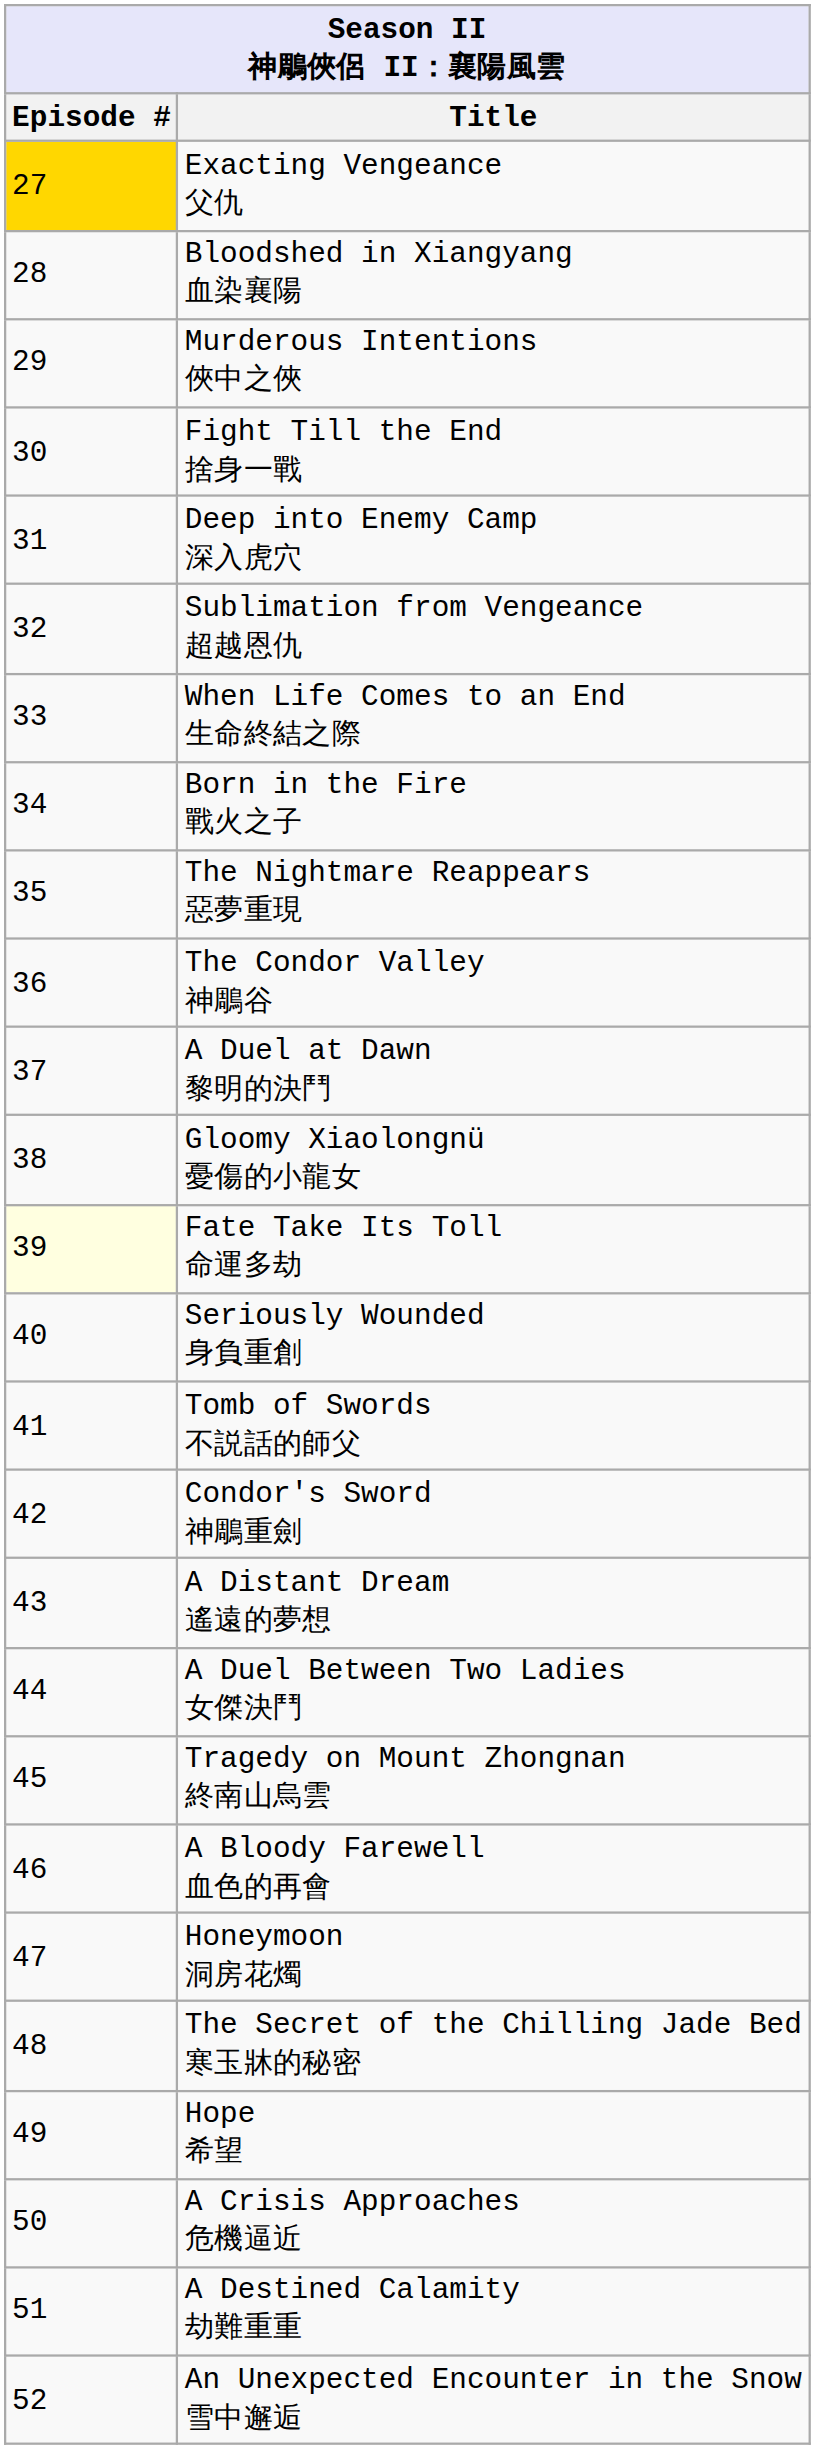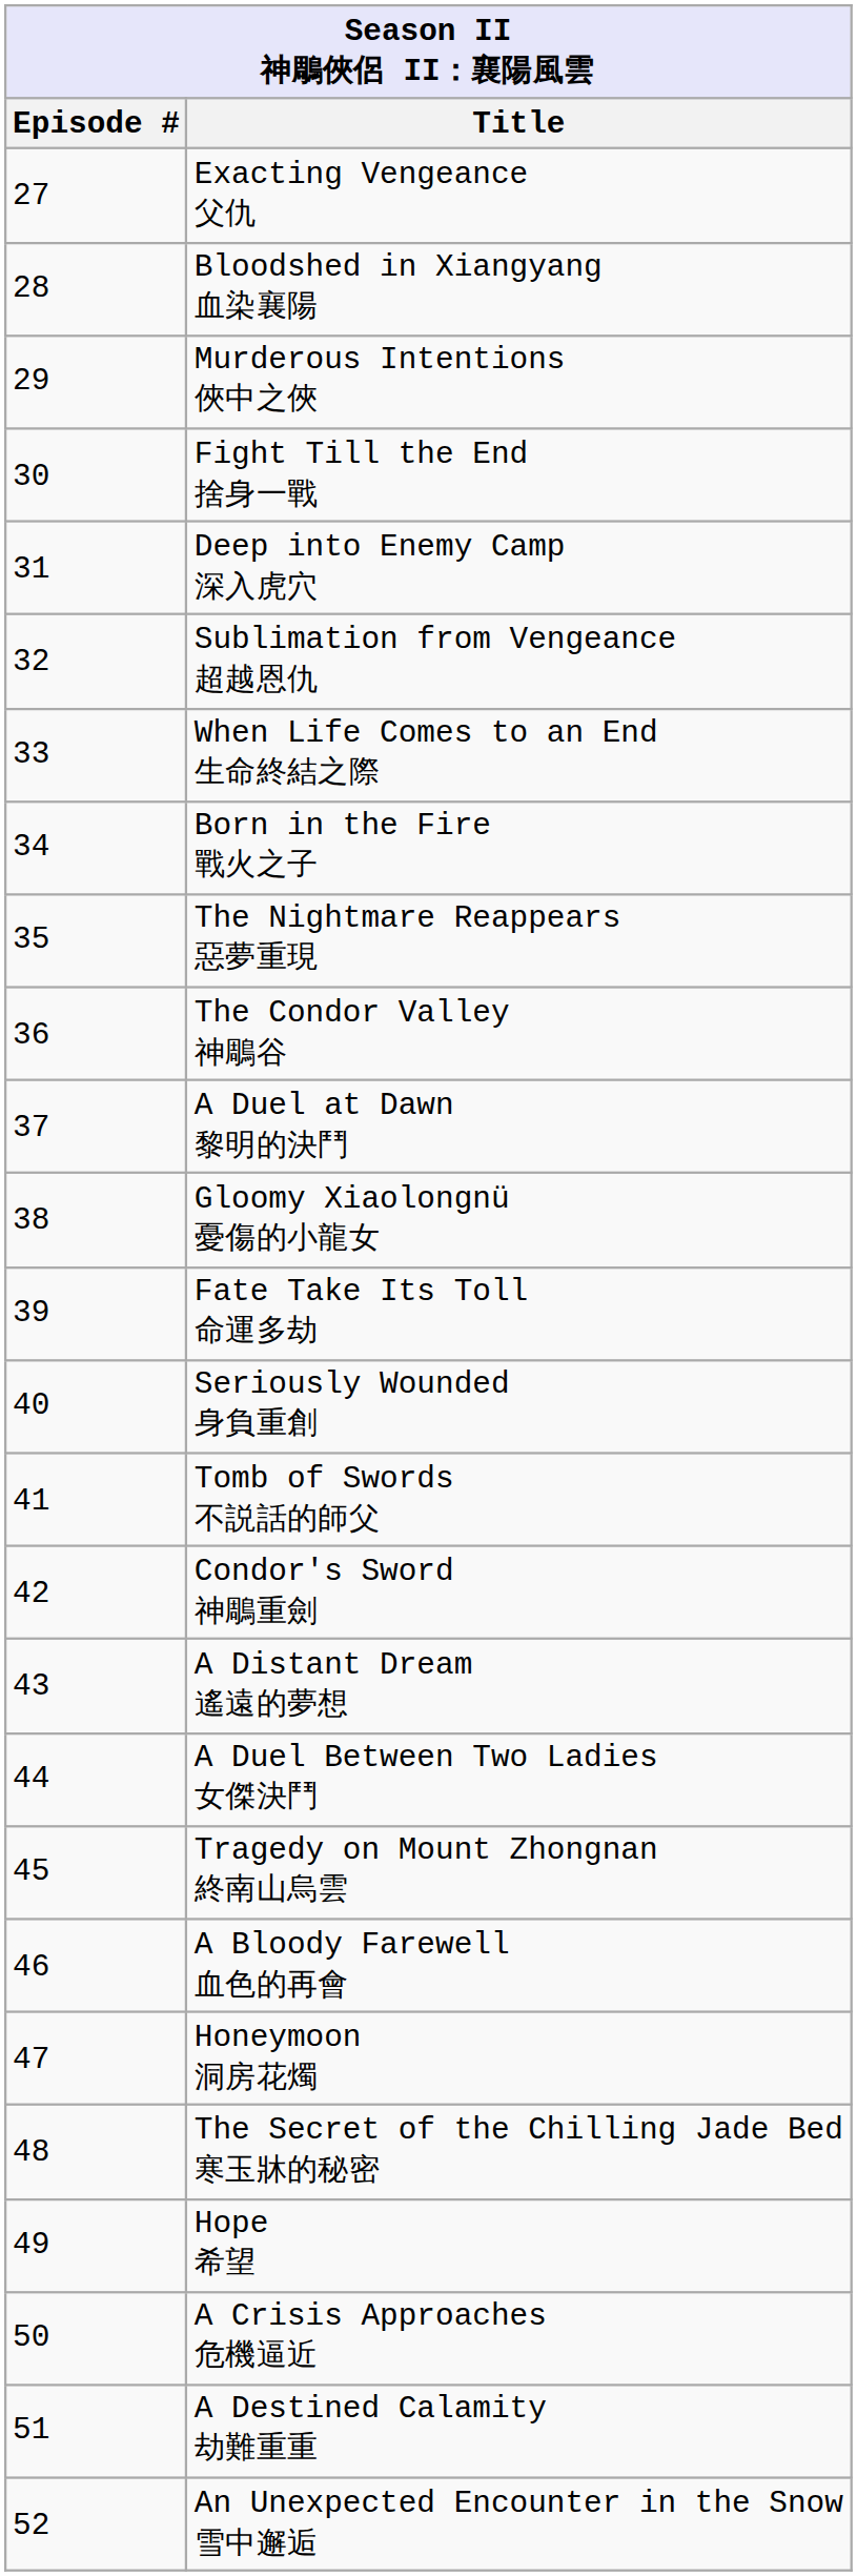 <table class="wikitable">
 <tr>
 <td colspan="2" style="background:lavender; text-align:center;"><strong>Season II<br>神鵰俠侶 II：襄陽風雲</strong></td>
 </tr>
 <tr>
 <th>Episode #</th>
 <th>Title</th>
 </tr>
 <tr>
-<td style="background: gold;">27</td>
+<td>27</td>
 <td>Exacting Vengeance<br>父仇</td>
 </tr>
 <tr>
 <td>28</td>
 <td>Bloodshed in Xiangyang<br>血染襄陽</td>
 </tr>
 <tr>
 <td>29</td>
 <td>Murderous Intentions<br>俠中之俠</td>
 </tr>
 <tr>
 <td>30</td>
 <td>Fight Till the End<br>捨身一戰</td>
 </tr>
 <tr>
 <td>31</td>
 <td>Deep into Enemy Camp<br>深入虎穴</td>
 </tr>
 <tr>
 <td>32</td>
 <td>Sublimation from Vengeance<br>超越恩仇</td>
 </tr>
 <tr>
 <td>33</td>
 <td>When Life Comes to an End<br>生命終結之際</td>
 </tr>
 <tr>
 <td>34</td>
 <td>Born in the Fire<br>戰火之子</td>
 </tr>
 <tr>
 <td>35</td>
 <td>The Nightmare Reappears<br>惡夢重現</td>
 </tr>
 <tr>
 <td>36</td>
 <td>The Condor Valley<br>神鵰谷</td>
 </tr>
 <tr>
 <td>37</td>
 <td>A Duel at Dawn<br>黎明的決鬥</td>
 </tr>
 <tr>
 <td>38</td>
 <td>Gloomy Xiaolongnü<br>憂傷的小龍女</td>
 </tr>
 <tr>
-<td style="background: lightyellow;">39</td>
+<td>39</td>
 <td>Fate Take Its Toll<br>命運多劫</td>
 </tr>
 <tr>
 <td>40</td>
 <td>Seriously Wounded<br>身負重創</td>
 </tr>
 <tr>
 <td>41</td>
 <td>Tomb of Swords<br>不説話的師父</td>
 </tr>
 <tr>
 <td>42</td>
 <td>Condor's Sword<br>神鵰重劍</td>
 </tr>
 <tr>
 <td>43</td>
 <td>A Distant Dream<br>遙遠的夢想</td>
 </tr>
 <tr>
 <td>44</td>
 <td>A Duel Between Two Ladies<br>女傑決鬥</td>
 </tr>
 <tr>
 <td>45</td>
 <td>Tragedy on Mount Zhongnan<br>終南山烏雲</td>
 </tr>
 <tr>
 <td>46</td>
 <td>A Bloody Farewell<br>血色的再會</td>
 </tr>
 <tr>
 <td>47</td>
 <td>Honeymoon<br>洞房花燭</td>
 </tr>
 <tr>
 <td>48</td>
 <td>The Secret of the Chilling Jade Bed<br>寒玉牀的秘密</td>
 </tr>
 <tr>
 <td>49</td>
 <td>Hope<br>希望</td>
 </tr>
 <tr>
 <td>50</td>
 <td>A Crisis Approaches<br>危機逼近</td>
 </tr>
 <tr>
 <td>51</td>
 <td>A Destined Calamity<br>劫難重重</td>
 </tr>
 <tr>
 <td>52</td>
 <td>An Unexpected Encounter in the Snow<br>雪中邂逅</td>
 </tr>
 </table>
